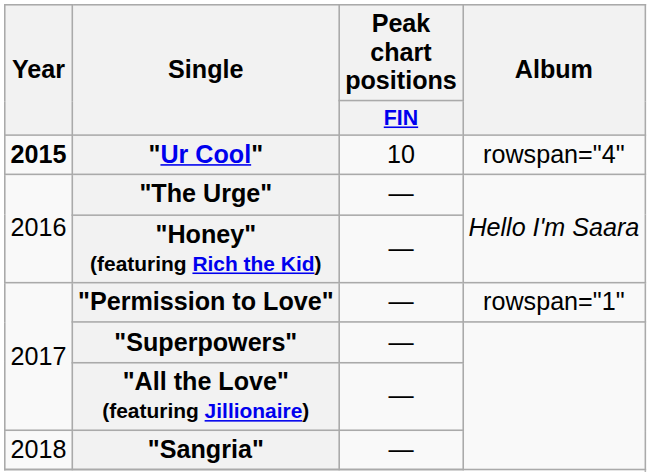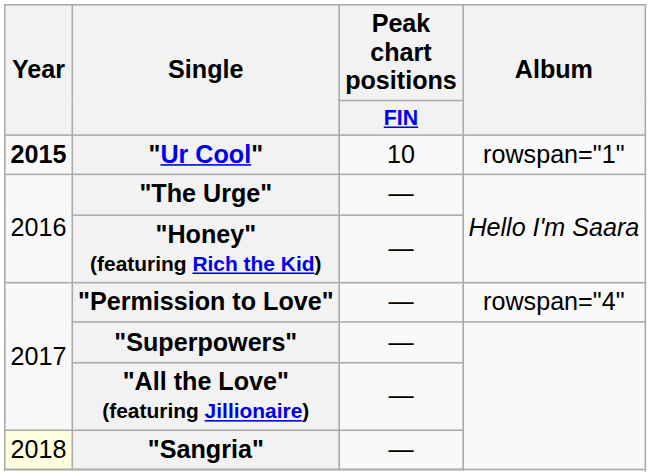 <table class="wikitable plainrowheaders" style="text-align:center;">
 <tr>
 <th scope="col" rowspan="2">Year</th>
 <th scope="col" rowspan="2">Single</th>
 <th scope="col" colspan="1">Peak chart positions</th>
 <th scope="col" rowspan="2">Album</th>
 </tr>
 <tr>
 <th scope="col" style="width:3em;font-size:85%;"><a href='#'>FIN</a><br></th>
 </tr>
 <tr>
 <td rowspan=1><strong>2015</strong></td>
 <th scope="row">"<a href='#'>Ur Cool</a>"</th>
 <td>10</td>
-<td>rowspan="4" </td>
+<td>rowspan="1" </td>
 </tr>
 <tr>
 <td rowspan=2>2016</td>
 <th scope="row">"The Urge"</th>
 <td>—</td>
 <td rowspan="2"><em>Hello I'm Saara</em></td>
 </tr>
 <tr>
 <th scope="row">"Honey"<br><small>(featuring <a href='#'>Rich the Kid</a>)</small></th>
 <td>—</td>
 </tr>
 <tr>
 <td rowspan="3">2017</td>
 <th scope="row">"Permission to Love"</th>
 <td>—</td>
-<td>rowspan="1" </td>
+<td>rowspan="4" </td>
 </tr>
 <tr>
 <th scope="row">"Superpowers"</th>
 <td>—</td>
 </tr>
 <tr>
 <th scope="row">"All the Love"<br><small>(featuring <a href='#'>Jillionaire</a>)</small></th>
 <td>—</td>
 </tr>
 <tr>
-<td>2018</td>
+<td style="background: lightyellow;">2018</td>
 <th scope="row">"Sangria"</th>
 <td>—</td>
 </tr>
 <tr>
 </tr>
 </table>
